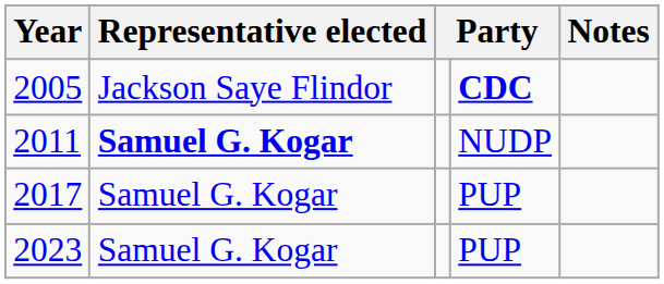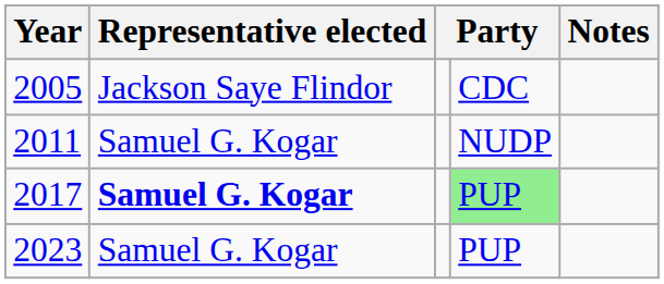 <table class="wikitable">
 <tr>
 <th>Year</th>
 <th>Representative elected</th>
 <th colspan=2>Party</th>
 <th>Notes</th>
 </tr>
 <tr>
 <td><a href='#'>2005</a></td>
 <td><a href='#'>Jackson Saye Flindor</a></td>
 <td></td>
-<td><strong><a href='#'>CDC</a></strong></td>
+<td><a href='#'>CDC</a></td>
 <td></td>
 </tr>
 <tr>
 <td><a href='#'>2011</a></td>
-<td><strong><a href='#'>Samuel G. Kogar</a></strong></td>
+<td><a href='#'>Samuel G. Kogar</a></td>
 <td></td>
 <td><a href='#'>NUDP</a></td>
 <td></td>
 </tr>
 <tr>
 <td><a href='#'>2017</a></td>
-<td><a href='#'>Samuel G. Kogar</a></td>
+<td><strong><a href='#'>Samuel G. Kogar</a></strong></td>
 <td></td>
-<td><a href='#'>PUP</a></td>
+<td style="background: lightgreen;"><a href='#'>PUP</a></td>
 <td></td>
 </tr>
 <tr>
 <td><a href='#'>2023</a></td>
 <td><a href='#'>Samuel G. Kogar</a></td>
 <td></td>
 <td><a href='#'>PUP</a></td>
 <td></td>
 </tr>
 </table>
